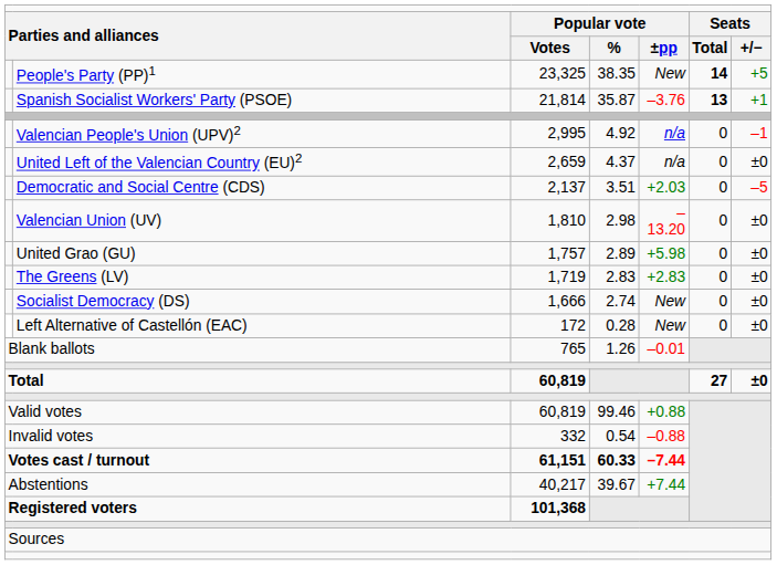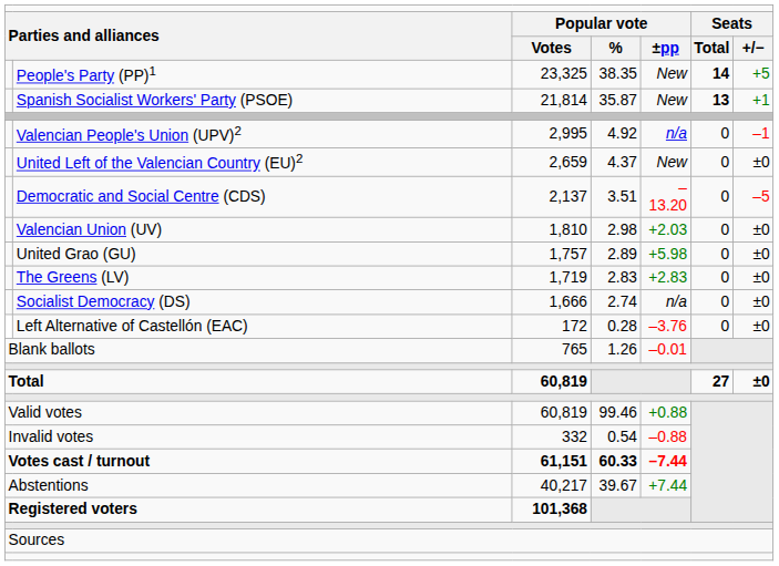 <table class="wikitable" style="text-align:right;">
 <tr>
 <td colspan="7"></td>
 </tr>
 <tr>
 <th style="text-align:left;" rowspan="2" colspan="2" width="525">Parties and alliances</th>
 <th colspan="3">Popular vote</th>
 <th colspan="2">Seats</th>
 </tr>
 <tr>
 <th width="75">Votes</th>
 <th width="45">%</th>
 <th width="45">±<a href='#'>pp</a></th>
 <th width="35">Total</th>
 <th width="35">+/−</th>
 </tr>
 <tr>
 <td width="1" style="color:inherit;background:"></td>
 <td align="left"><a href='#'>People's Party</a> (PP)<sup>1</sup></td>
 <td>23,325</td>
 <td>38.35</td>
 <td><em>New</em></td>
 <td><strong>14</strong></td>
 <td style="color:green;">+5</td>
 </tr>
 <tr>
 <td style="color:inherit;background:"></td>
 <td align="left"><a href='#'>Spanish Socialist Workers' Party</a> (PSOE)</td>
 <td>21,814</td>
 <td>35.87</td>
-<td style="color:red;">–3.76</td>
+<td><em>New</em></td>
 <td><strong>13</strong></td>
 <td style="color:green;">+1</td>
 </tr>
 <tr>
 <td colspan="7" bgcolor="#C0C0C0"></td>
 </tr>
 <tr>
 <td style="color:inherit;background:"></td>
 <td align="left"><a href='#'>Valencian People's Union</a> (UPV)<sup>2</sup></td>
 <td>2,995</td>
 <td>4.92</td>
 <td><em><a href='#'>n/a</a></em></td>
 <td>0</td>
 <td style="color:red;">–1</td>
 </tr>
 <tr>
 <td style="color:inherit;background:"></td>
 <td align="left"><a href='#'>United Left of the Valencian Country</a> (EU)<sup>2</sup></td>
 <td>2,659</td>
 <td>4.37</td>
-<td><em>n/a</em></td>
+<td><em>New</em></td>
 <td>0</td>
 <td>±0</td>
 </tr>
 <tr>
 <td style="color:inherit;background:"></td>
 <td align="left"><a href='#'>Democratic and Social Centre</a> (CDS)</td>
 <td>2,137</td>
 <td>3.51</td>
-<td style="color:green;">+2.03</td>
+<td style="color:red;">–13.20</td>
 <td>0</td>
 <td style="color:red;">–5</td>
 </tr>
 <tr>
 <td style="color:inherit;background:"></td>
 <td align="left"><a href='#'>Valencian Union</a> (UV)</td>
 <td>1,810</td>
 <td>2.98</td>
-<td style="color:red;">–13.20</td>
+<td style="color:green;">+2.03</td>
 <td>0</td>
 <td>±0</td>
 </tr>
 <tr>
 <td style="color:inherit;background:"></td>
 <td align="left">United Grao (GU)</td>
 <td>1,757</td>
 <td>2.89</td>
 <td style="color:green;">+5.98</td>
 <td>0</td>
 <td>±0</td>
 </tr>
 <tr>
 <td style="color:inherit;background:"></td>
 <td align="left"><a href='#'>The Greens</a> (LV)</td>
 <td>1,719</td>
 <td>2.83</td>
 <td style="color:green;">+2.83</td>
 <td>0</td>
 <td>±0</td>
 </tr>
 <tr>
 <td style="color:inherit;background:"></td>
 <td align="left"><a href='#'>Socialist Democracy</a> (DS)</td>
 <td>1,666</td>
 <td>2.74</td>
-<td><em>New</em></td>
+<td><em>n/a</em></td>
 <td>0</td>
 <td>±0</td>
 </tr>
 <tr>
 <td bgcolor="white"></td>
 <td align="left">Left Alternative of Castellón (EAC)</td>
 <td>172</td>
 <td>0.28</td>
-<td><em>New</em></td>
+<td style="color:red;">–3.76</td>
 <td>0</td>
 <td>±0</td>
 </tr>
 <tr>
 <td align="left" colspan="2">Blank ballots</td>
 <td>765</td>
 <td>1.26</td>
 <td style="color:red;">–0.01</td>
 <td bgcolor="#E9E9E9" colspan="2"></td>
 </tr>
 <tr>
 <td colspan="7" bgcolor="#E9E9E9"></td>
 </tr>
 <tr style="font-weight:bold;">
 <td align="left" colspan="2">Total</td>
 <td>60,819</td>
 <td bgcolor="#E9E9E9" colspan="2"></td>
 <td>27</td>
 <td>±0</td>
 </tr>
 <tr>
 <td colspan="7" bgcolor="#E9E9E9"></td>
 </tr>
 <tr>
 <td align="left" colspan="2">Valid votes</td>
 <td>60,819</td>
 <td>99.46</td>
 <td style="color:green;">+0.88</td>
 <td bgcolor="#E9E9E9" colspan="2" rowspan="5"></td>
 </tr>
 <tr>
 <td align="left" colspan="2">Invalid votes</td>
 <td>332</td>
 <td>0.54</td>
 <td style="color:red;">–0.88</td>
 </tr>
 <tr style="font-weight:bold;">
 <td align="left" colspan="2">Votes cast / turnout</td>
 <td>61,151</td>
 <td>60.33</td>
 <td style="color:red;">–7.44</td>
 </tr>
 <tr>
 <td align="left" colspan="2">Abstentions</td>
 <td>40,217</td>
 <td>39.67</td>
 <td style="color:green;">+7.44</td>
 </tr>
 <tr style="font-weight:bold;">
 <td align="left" colspan="2">Registered voters</td>
 <td>101,368</td>
 <td bgcolor="#E9E9E9" colspan="2"></td>
 </tr>
 <tr>
 <td colspan="7" bgcolor="#E9E9E9"></td>
 </tr>
 <tr>
 <td align="left" colspan="7">Sources</td>
 </tr>
 <tr>
 <td colspan="7" style="text-align:left; max-width:790px;"></td>
 </tr>
 </table>
